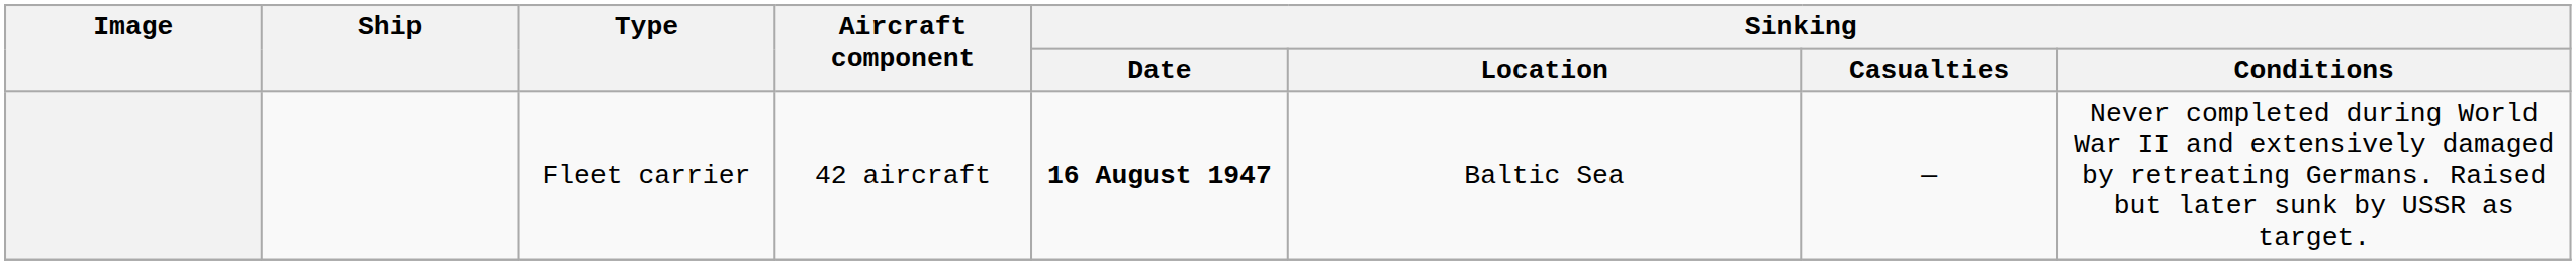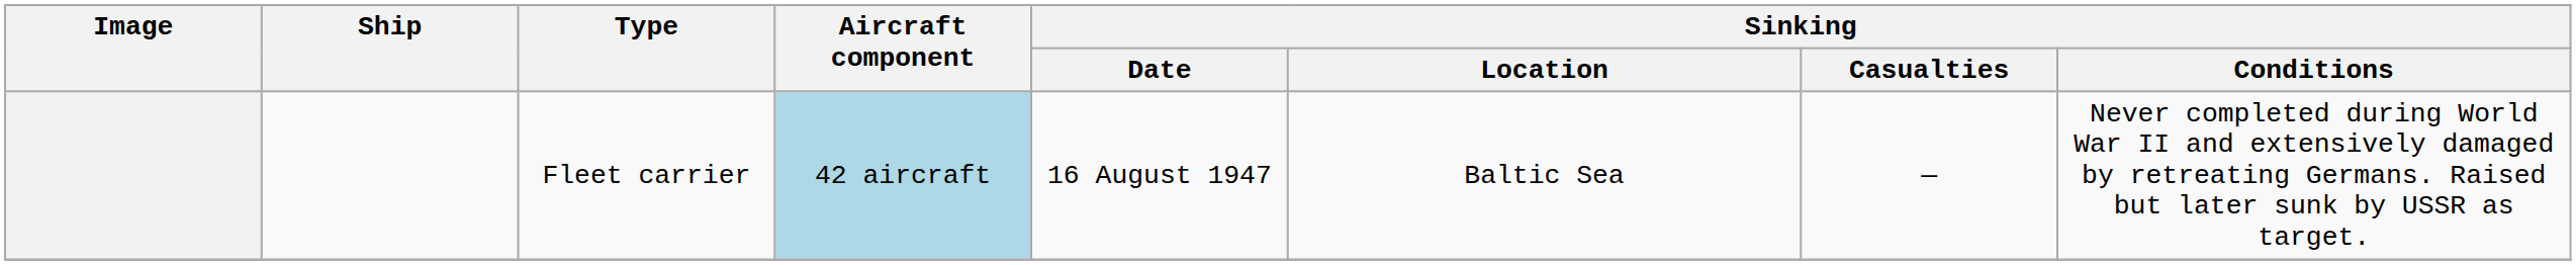 <table class="wikitable plainrowheaders" style="text-align: center;">
 <tr valign="top">
 <th scope="col" style="width:10%;" rowspan="2">Image</th>
 <th scope="col" style="width:10%;" rowspan="2">Ship</th>
 <th scope="col" style="width:10%;" rowspan="2">Type</th>
 <th scope="col" style="width:10%;" rowspan="2">Aircraft component</th>
 <th scope="col" style="width:60%;" colspan="4">Sinking</th>
 </tr>
 <tr valign="top">
 <th scope="col" style="width:10%;">Date</th>
 <th scope="col" style="width:20%;">Location</th>
 <th scope="col" style="width:10%;">Casualties</th>
 <th scope="col" style="width:30%;">Conditions</th>
 </tr>
 <tr>
 <th scope="row"></th>
 <td></td>
 <td>Fleet carrier</td>
-<td>42 aircraft</td>
-<td><strong>16 August 1947</strong></td>
+<td style="background: lightblue;">42 aircraft</td>
+<td>16 August 1947</td>
 <td>Baltic Sea </td>
 <td>—</td>
 <td>Never completed during World War II and extensively damaged by retreating Germans. Raised but later sunk by USSR as target.</td>
 </tr>
 <tr>
 </tr>
 </table>
